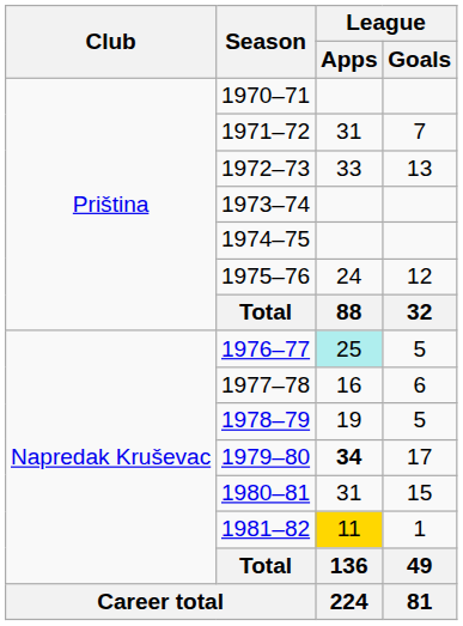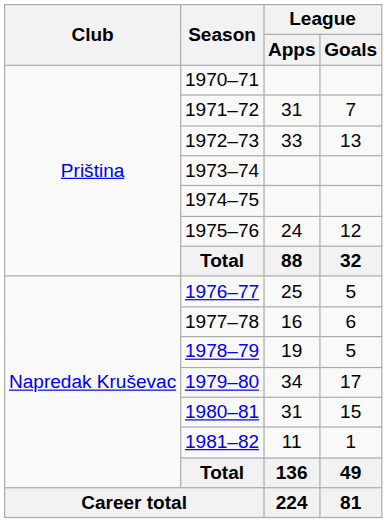 <table class="wikitable" style="text-align:center">
 <tr>
 <th rowspan="2">Club</th>
 <th rowspan="2">Season</th>
 <th colspan="2">League</th>
 </tr>
 <tr>
 <th>Apps</th>
 <th>Goals</th>
 </tr>
 <tr>
 <td rowspan="7"><a href='#'>Priština</a></td>
 <td>1970–71</td>
 <td></td>
 <td></td>
 </tr>
 <tr>
 <td>1971–72</td>
 <td>31</td>
 <td>7</td>
 </tr>
 <tr>
 <td>1972–73</td>
 <td>33</td>
 <td>13</td>
 </tr>
 <tr>
 <td>1973–74</td>
 <td></td>
 <td></td>
 </tr>
 <tr>
 <td>1974–75</td>
 <td></td>
 <td></td>
 </tr>
 <tr>
 <td>1975–76</td>
 <td>24</td>
 <td>12</td>
 </tr>
 <tr>
 <th>Total</th>
 <th>88</th>
 <th>32</th>
 </tr>
 <tr>
 <td rowspan="7"><a href='#'>Napredak Kruševac</a></td>
 <td><a href='#'>1976–77</a></td>
-<td style="background: paleturquoise;">25</td>
+<td>25</td>
 <td>5</td>
 </tr>
 <tr>
 <td>1977–78</td>
 <td>16</td>
 <td>6</td>
 </tr>
 <tr>
 <td><a href='#'>1978–79</a></td>
 <td>19</td>
 <td>5</td>
 </tr>
 <tr>
 <td><a href='#'>1979–80</a></td>
-<td><strong>34</strong></td>
+<td>34</td>
 <td>17</td>
 </tr>
 <tr>
 <td><a href='#'>1980–81</a></td>
 <td>31</td>
 <td>15</td>
 </tr>
 <tr>
 <td><a href='#'>1981–82</a></td>
-<td style="background: gold;">11</td>
+<td>11</td>
 <td>1</td>
 </tr>
 <tr>
 <th>Total</th>
 <th>136</th>
 <th>49</th>
 </tr>
 <tr>
 <th colspan="2">Career total</th>
 <th>224</th>
 <th>81</th>
 </tr>
 </table>
